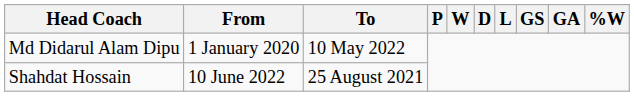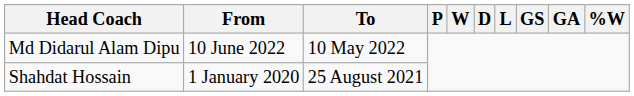 <table class="wikitable sortable" style="text-align:center">
 <tr>
 <th>Head Coach</th>
 <th class="unsortable">From</th>
 <th class="unsortable">To</th>
 <th abbr="1">P</th>
 <th abbr="0">W</th>
 <th abbr="0">D</th>
 <th abbr="1">L</th>
 <th abbr="0">GS</th>
 <th abbr="1">GA</th>
 <th abbr="00">%W</th>
 </tr>
 <tr>
 <td align=left> Md Didarul Alam Dipu</td>
-<td align=left>1 January 2020</td>
+<td align=left>10 June 2022</td>
 <td align=left>10 May 2022<br></td>
 </tr>
 <tr>
 <td align=left> Shahdat Hossain</td>
-<td align=left>10 June 2022</td>
+<td align=left>1 January 2020</td>
 <td align=left>25 August 2021<br></td>
 </tr>
 </table>
